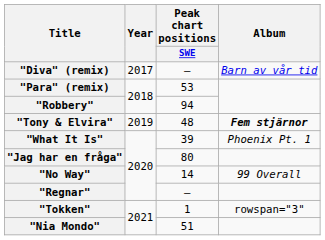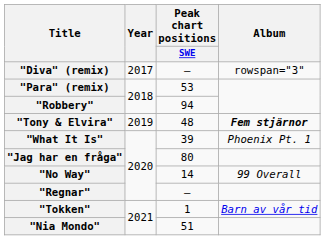 <table class="wikitable plainrowheaders" style="text-align:center;">
 <tr>
 <th scope="col" rowspan="2">Title</th>
 <th scope="col" rowspan="2">Year</th>
 <th scope="col" colspan="1">Peak chart positions</th>
 <th scope="col" rowspan="2">Album</th>
 </tr>
 <tr>
 <th scope="col" style="width:3em;font-size:85%;"><a href='#'>SWE</a><br></th>
 </tr>
 <tr>
 <th scope="row">"Diva" (remix)<br></th>
 <td>2017</td>
 <td>—</td>
-<td><em><a href='#'>Barn av vår tid</a></em></td>
+<td>rowspan="3"</td>
 </tr>
 <tr>
 <th scope="row">"Para" (remix)<br></th>
 <td rowspan="2">2018</td>
 <td>53<br></td>
 </tr>
 <tr>
 <th scope="row">"Robbery"<br></th>
 <td>94<br></td>
 </tr>
 <tr>
 <th scope="row">"Tony & Elvira"<br></th>
 <td>2019</td>
 <td>48<br></td>
 <td><strong><em>Fem stjärnor</em></strong></td>
 </tr>
 <tr>
 <th scope="row">"What It Is"<br></th>
 <td rowspan="4">2020</td>
 <td>39<br></td>
 <td><em>Phoenix Pt. 1</em></td>
 </tr>
 <tr>
 <th scope="row">"Jag har en fråga"<br></th>
 <td>80</td>
 <td></td>
 </tr>
 <tr>
 <th scope="row">"No Way"<br></th>
 <td>14<br></td>
 <td><em>99 Overall</em></td>
 </tr>
 <tr>
 <th scope="row">"Regnar"<br></th>
 <td>—</td>
 <td></td>
 </tr>
 <tr>
 <th scope="row">"Tokken"<br></th>
 <td rowspan="2">2021</td>
 <td>1<br></td>
-<td>rowspan="3"</td>
+<td><em><a href='#'>Barn av vår tid</a></em></td>
 </tr>
 <tr>
 <th scope="row">"Nia Mondo"<br></th>
 <td>51<br></td>
 <td></td>
 </tr>
 </table>
